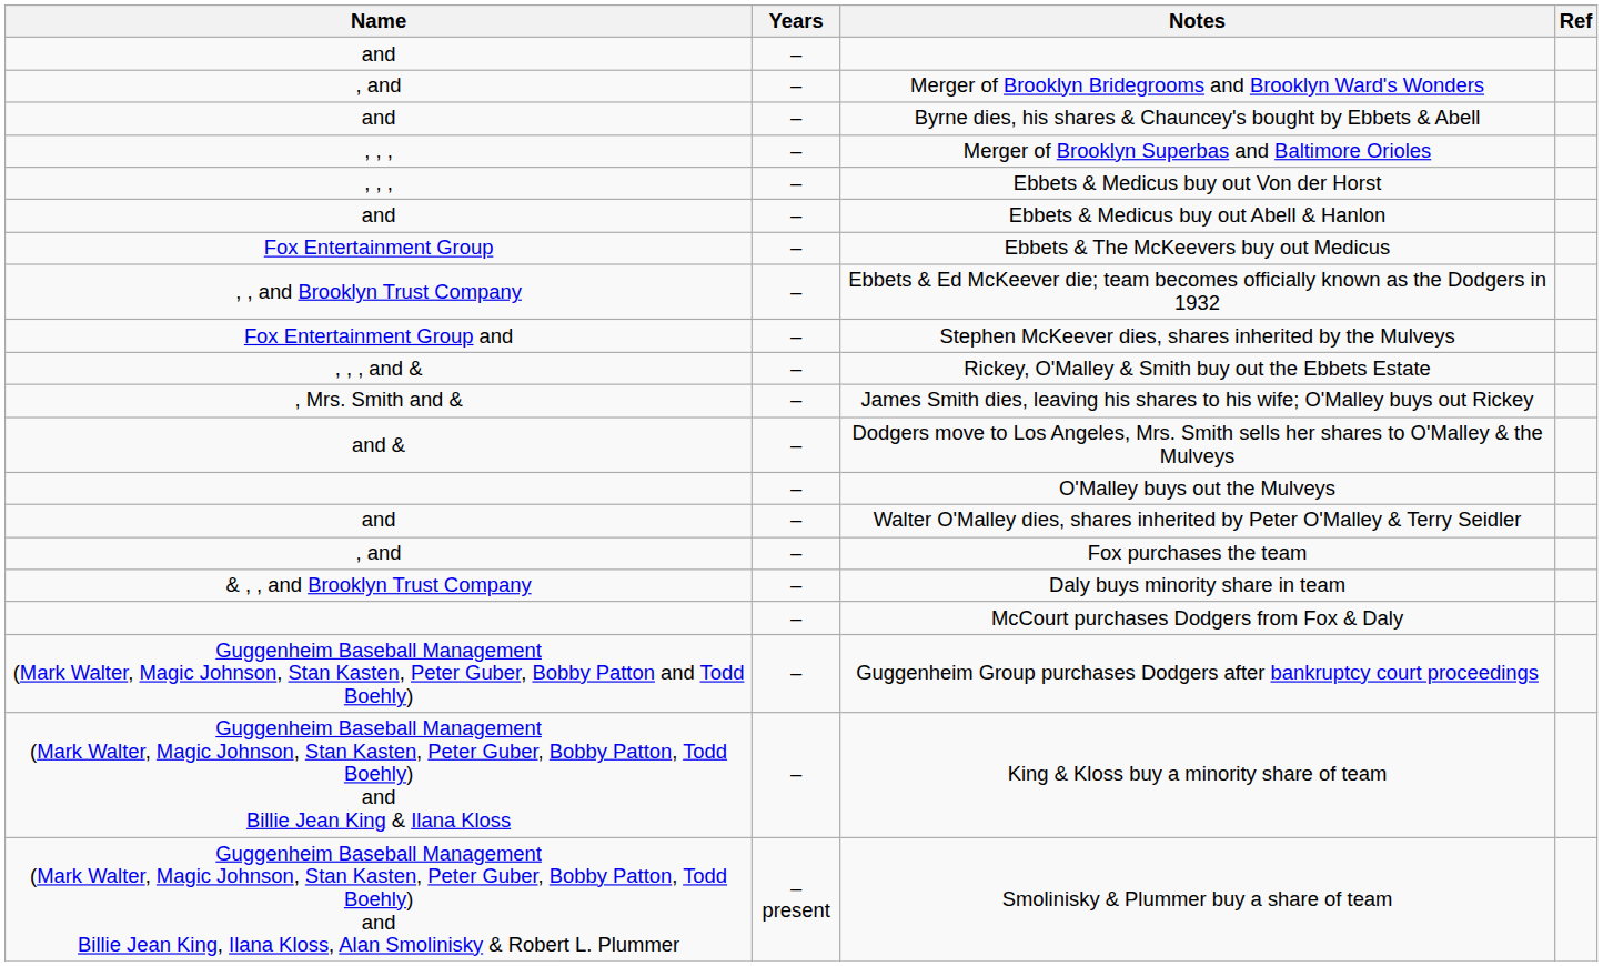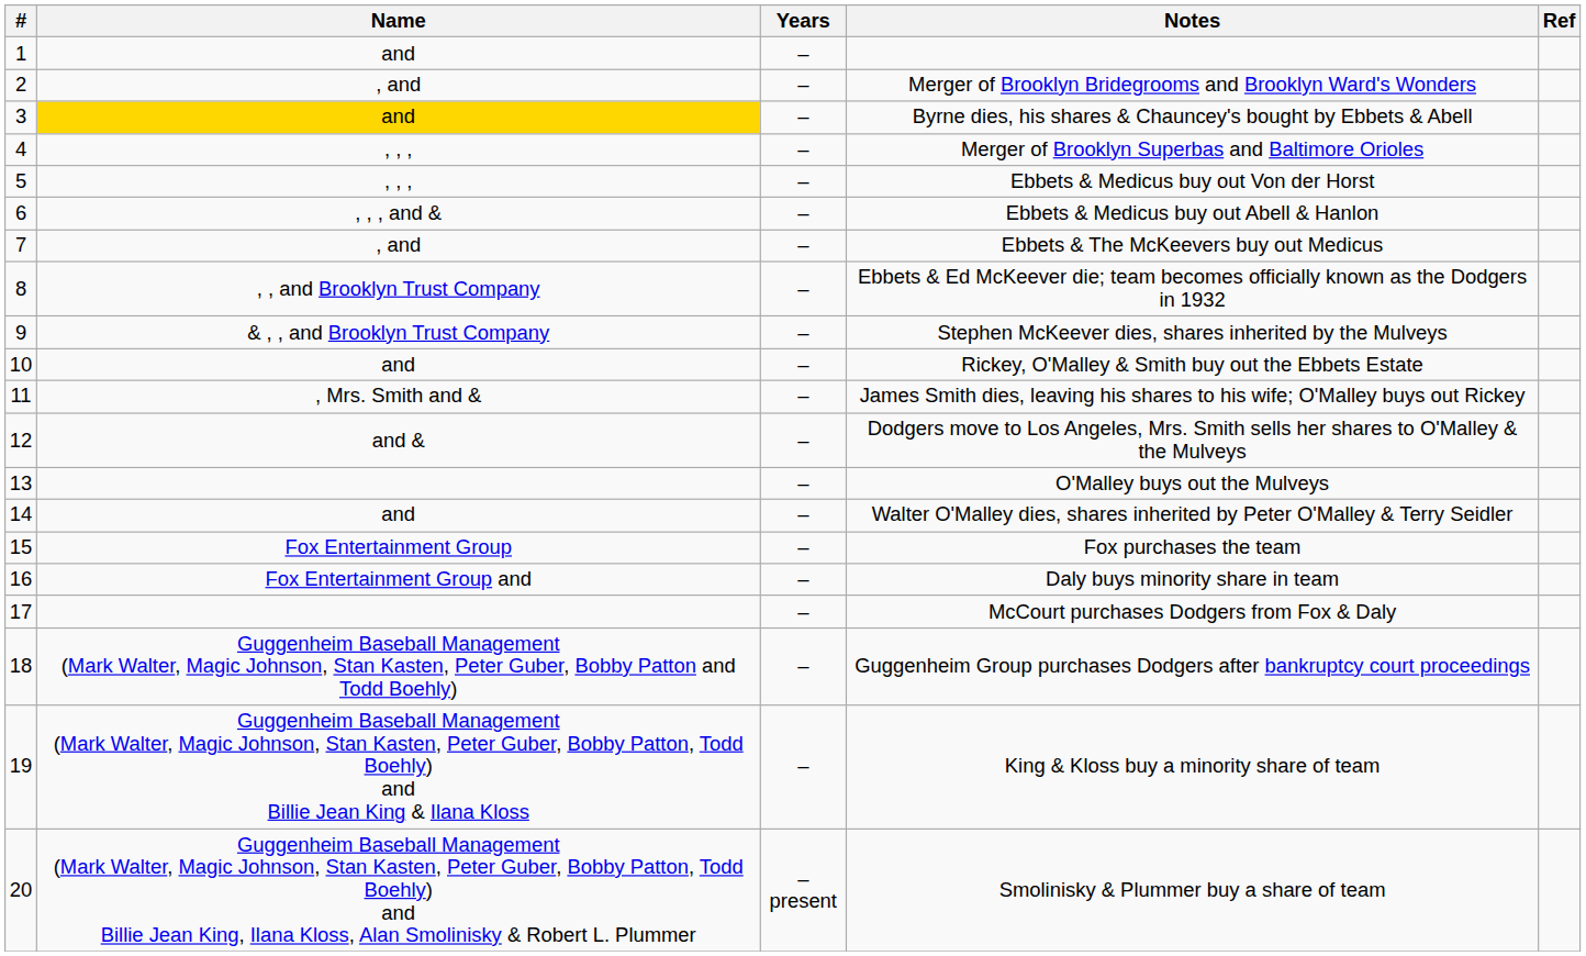 <table class="wikitable sortable" style="text-align:center">
 <tr>
+<th class="unsortable">#</th>
 <th>Name</th>
 <th>Years</th>
 <th class="unsortable">Notes</th>
 <th class="unsortable">Ref</th>
 </tr>
 <tr>
+<td>1</td>
 <td> and </td>
 <td>–</td>
 <td></td>
 <td></td>
 </tr>
 <tr>
+<td>2</td>
 <td>,  and </td>
 <td>–</td>
 <td>Merger of <a href='#'>Brooklyn Bridegrooms</a> and <a href='#'>Brooklyn Ward's Wonders</a></td>
 <td></td>
 </tr>
 <tr>
-<td> and </td>
+<td>3</td>
+<td style="background: gold;"> and </td>
 <td>–</td>
 <td>Byrne dies, his shares & Chauncey's bought by Ebbets & Abell</td>
 <td></td>
 </tr>
 <tr>
+<td>4</td>
 <td>,  , , </td>
 <td>–</td>
 <td>Merger of <a href='#'>Brooklyn Superbas</a> and <a href='#'>Baltimore Orioles</a></td>
 <td></td>
 </tr>
 <tr>
+<td>5</td>
 <td>,  , , </td>
 <td>–</td>
 <td>Ebbets & Medicus buy out Von der Horst</td>
 <td></td>
 </tr>
 <tr>
-<td> and </td>
+<td>6</td>
+<td>, ,  , and  & </td>
 <td>–</td>
 <td>Ebbets & Medicus buy out Abell & Hanlon</td>
 <td></td>
 </tr>
 <tr>
-<td><a href='#'>Fox Entertainment Group</a></td>
+<td>7</td>
+<td>,  and </td>
 <td>–</td>
 <td>Ebbets & The McKeevers buy out Medicus</td>
 <td></td>
 </tr>
 <tr>
+<td>8</td>
 <td>, ,  and <a href='#'>Brooklyn Trust Company</a></td>
 <td>–</td>
 <td>Ebbets & Ed McKeever die; team becomes officially known as the Dodgers in 1932</td>
 <td></td>
 </tr>
 <tr>
-<td><a href='#'>Fox Entertainment Group</a> and </td>
+<td>9</td>
+<td> & , ,  and <a href='#'>Brooklyn Trust Company</a></td>
 <td>–</td>
 <td>Stephen McKeever dies, shares inherited by the Mulveys</td>
 <td></td>
 </tr>
 <tr>
-<td>, ,  , and  & </td>
+<td>10</td>
+<td> and </td>
 <td>–</td>
 <td>Rickey, O'Malley & Smith buy out the Ebbets Estate</td>
 <td></td>
 </tr>
 <tr>
+<td>11</td>
 <td>, Mrs. Smith and  & </td>
 <td>–</td>
 <td>James Smith dies, leaving his shares to his wife; O'Malley buys out Rickey</td>
 <td></td>
 </tr>
 <tr>
+<td>12</td>
 <td> and  & </td>
 <td>–</td>
 <td>Dodgers move to Los Angeles, Mrs. Smith sells her shares to O'Malley & the Mulveys</td>
 <td></td>
 </tr>
 <tr>
+<td>13</td>
 <td></td>
 <td>–</td>
 <td>O'Malley buys out the Mulveys</td>
 <td></td>
 </tr>
 <tr>
+<td>14</td>
 <td> and </td>
 <td>–</td>
 <td>Walter O'Malley dies, shares inherited by Peter O'Malley & Terry Seidler</td>
 <td></td>
 </tr>
 <tr>
-<td>,  and </td>
+<td>15</td>
+<td><a href='#'>Fox Entertainment Group</a></td>
 <td>–</td>
 <td>Fox purchases the team</td>
 <td></td>
 </tr>
 <tr>
-<td> & , ,  and <a href='#'>Brooklyn Trust Company</a></td>
+<td>16</td>
+<td><a href='#'>Fox Entertainment Group</a> and </td>
 <td>–</td>
 <td>Daly buys minority share in team</td>
 <td></td>
 </tr>
 <tr>
+<td>17</td>
 <td></td>
 <td>–</td>
 <td>McCourt purchases Dodgers from Fox & Daly</td>
 <td></td>
 </tr>
 <tr>
+<td>18</td>
 <td><a href='#'>Guggenheim Baseball Management</a> <br>(<a href='#'>Mark Walter</a>, <a href='#'>Magic Johnson</a>, <a href='#'>Stan Kasten</a>, <a href='#'>Peter Guber</a>, <a href='#'>Bobby Patton</a> and <a href='#'>Todd Boehly</a>)</td>
 <td>–</td>
 <td>Guggenheim Group purchases Dodgers after <a href='#'>bankruptcy court proceedings</a></td>
 <td></td>
 </tr>
 <tr>
+<td>19</td>
 <td><a href='#'>Guggenheim Baseball Management</a> <br>(<a href='#'>Mark Walter</a>, <a href='#'>Magic Johnson</a>, <a href='#'>Stan Kasten</a>, <a href='#'>Peter Guber</a>, <a href='#'>Bobby Patton</a>, <a href='#'>Todd Boehly</a>) <br>and<br><a href='#'>Billie Jean King</a> & <a href='#'>Ilana Kloss</a></td>
 <td>–</td>
 <td>King & Kloss buy a minority share of team</td>
 <td></td>
 </tr>
 <tr>
+<td>20</td>
 <td><a href='#'>Guggenheim Baseball Management</a> <br>(<a href='#'>Mark Walter</a>, <a href='#'>Magic Johnson</a>, <a href='#'>Stan Kasten</a>, <a href='#'>Peter Guber</a>, <a href='#'>Bobby Patton</a>, <a href='#'>Todd Boehly</a>) <br>and<br> <a href='#'>Billie Jean King</a>, <a href='#'>Ilana Kloss</a>, <a href='#'>Alan Smolinisky</a> & Robert L. Plummer</td>
 <td>–present</td>
 <td>Smolinisky & Plummer buy a share of team</td>
 <td></td>
 </tr>
 </table>
